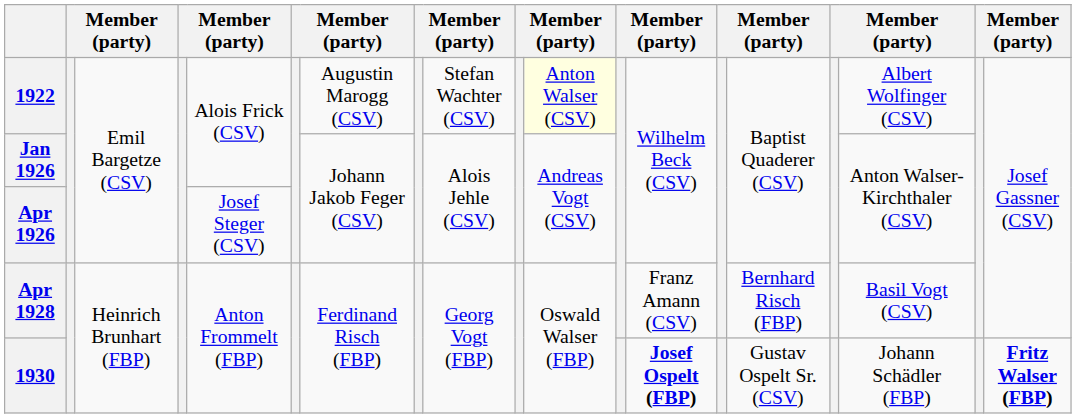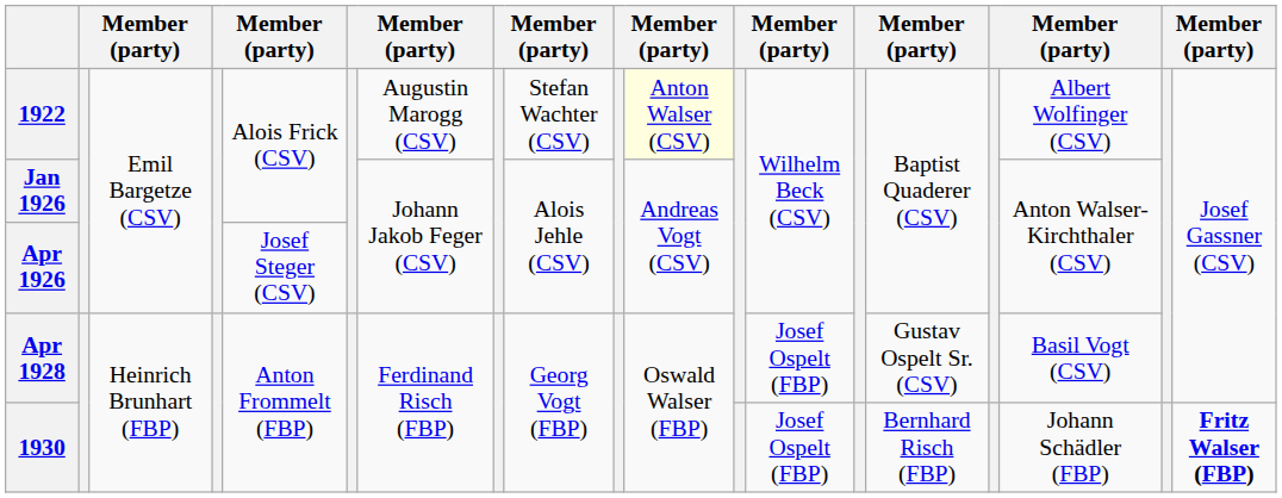 <table class="wikitable" style="text-align:center">
 <tr>
 <th></th>
 <th colspan=2>Member<br>(party)</th>
 <th colspan=2>Member<br>(party)</th>
 <th colspan=2>Member<br>(party)</th>
 <th colspan=2>Member<br>(party)</th>
 <th colspan=2>Member<br>(party)</th>
 <th colspan=2>Member<br>(party)</th>
 <th colspan=2>Member<br>(party)</th>
 <th colspan=2>Member<br>(party)</th>
 <th colspan=2>Member<br>(party)</th>
 </tr>
 <tr>
 <th><a href='#'>1922</a></th>
 <th rowspan=3 style="background-color: "></th>
 <td rowspan=3>Emil Bargetze<br>(<a href='#'>CSV</a>)</td>
 <th rowspan=3 style="background-color: "></th>
 <td rowspan=2>Alois Frick<br>(<a href='#'>CSV</a>)</td>
 <th rowspan=3 style="background-color: "></th>
 <td rowspan=1>Augustin Marogg<br>(<a href='#'>CSV</a>)</td>
 <th rowspan=3 style="background-color: "></th>
 <td rowspan=1>Stefan Wachter<br>(<a href='#'>CSV</a>)</td>
 <th rowspan=3 style="background-color: "></th>
 <td rowspan=1 style="background: lightyellow;"><a href='#'>Anton Walser</a><br>(<a href='#'>CSV</a>)</td>
 <th rowspan=4 style="background-color: "></th>
 <td rowspan=3><a href='#'>Wilhelm Beck</a><br>(<a href='#'>CSV</a>)</td>
 <th rowspan=4 style="background-color: "></th>
 <td rowspan=3>Baptist Quaderer<br>(<a href='#'>CSV</a>)</td>
 <th rowspan=4 style="background-color: "></th>
 <td rowspan=1><a href='#'>Albert Wolfinger</a><br>(<a href='#'>CSV</a>)</td>
 <th rowspan=4 style="background-color: "></th>
 <td rowspan=4><a href='#'>Josef Gassner</a><br>(<a href='#'>CSV</a>)</td>
 </tr>
 <tr>
 <th><a href='#'>Jan 1926</a></th>
 <td rowspan=2>Johann Jakob Feger<br>(<a href='#'>CSV</a>)</td>
 <td rowspan=2>Alois Jehle<br>(<a href='#'>CSV</a>)</td>
 <td rowspan=2><a href='#'>Andreas Vogt</a><br>(<a href='#'>CSV</a>)</td>
 <td rowspan=2>Anton Walser-Kirchthaler<br>(<a href='#'>CSV</a>)</td>
 </tr>
 <tr>
 <th><a href='#'>Apr 1926</a></th>
 <td rowspan=1><a href='#'>Josef Steger</a><br>(<a href='#'>CSV</a>)</td>
 </tr>
 <tr>
 <th><a href='#'>Apr 1928</a></th>
 <th rowspan=2 style="background-color: "></th>
 <td rowspan=2>Heinrich Brunhart<br>(<a href='#'>FBP</a>)</td>
 <th rowspan=2 style="background-color: "></th>
 <td rowspan=2><a href='#'>Anton Frommelt</a><br>(<a href='#'>FBP</a>)</td>
 <th rowspan=2 style="background-color: "></th>
 <td rowspan=2><a href='#'>Ferdinand Risch</a><br>(<a href='#'>FBP</a>)</td>
 <th rowspan=2 style="background-color: "></th>
 <td rowspan=2><a href='#'>Georg Vogt</a><br>(<a href='#'>FBP</a>)</td>
 <th rowspan=2 style="background-color: "></th>
 <td rowspan=2>Oswald Walser<br>(<a href='#'>FBP</a>)</td>
-<td rowspan=1>Franz Amann<br>(<a href='#'>CSV</a>)</td>
-<td rowspan=1><a href='#'>Bernhard Risch</a><br>(<a href='#'>FBP</a>)</td>
+<td rowspan=1><a href='#'>Josef Ospelt</a><br>(<a href='#'>FBP</a>)</td>
+<td rowspan=1>Gustav Ospelt Sr.<br>(<a href='#'>CSV</a>)</td>
 <td rowspan=1><a href='#'>Basil Vogt</a><br>(<a href='#'>CSV</a>)</td>
 </tr>
 <tr>
 <th><a href='#'>1930</a></th>
 <th rowspan=1 style="background-color: "></th>
-<td rowspan=1><strong><a href='#'>Josef Ospelt</a><br>(<a href='#'>FBP</a>)</strong></td>
+<td rowspan=1><a href='#'>Josef Ospelt</a><br>(<a href='#'>FBP</a>)</td>
 <th rowspan=1 style="background-color: "></th>
-<td rowspan=1>Gustav Ospelt Sr.<br>(<a href='#'>CSV</a>)</td>
+<td rowspan=1><a href='#'>Bernhard Risch</a><br>(<a href='#'>FBP</a>)</td>
 <th rowspan=1 style="background-color: "></th>
 <td rowspan=1>Johann Schädler<br>(<a href='#'>FBP</a>)</td>
 <th rowspan=1 style="background-color: "></th>
 <td rowspan=1><strong><a href='#'>Fritz Walser</a><br>(<a href='#'>FBP</a>)</strong></td>
 </tr>
 </table>
